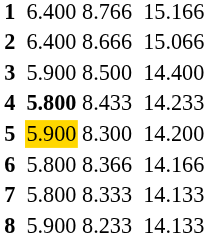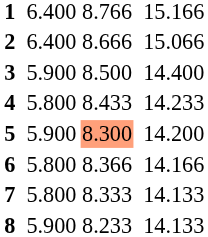 <table>
 <tr>
 <th scope=row style="text-align:center">1</th>
 <td align=left></td>
 <td>6.400</td>
 <td>8.766</td>
 <td></td>
 <td>15.166</td>
 </tr>
 <tr>
 <th scope=row style="text-align:center">2</th>
 <td align=left></td>
 <td>6.400</td>
 <td>8.666</td>
 <td></td>
 <td>15.066</td>
 </tr>
 <tr>
 <th scope=row style="text-align:center">3</th>
 <td align=left></td>
 <td>5.900</td>
 <td>8.500</td>
 <td></td>
 <td>14.400</td>
 </tr>
 <tr>
 <th scope=row style="text-align:center">4</th>
 <td align=left></td>
-<td><strong>5.800</strong></td>
+<td>5.800</td>
 <td>8.433</td>
 <td></td>
 <td>14.233</td>
 </tr>
 <tr>
 <th scope=row style="text-align:center">5</th>
 <td align=left></td>
-<td style="background: gold;">5.900</td>
-<td>8.300</td>
+<td>5.900</td>
+<td style="background: lightsalmon;">8.300</td>
 <td></td>
 <td>14.200</td>
 </tr>
 <tr>
 <th scope=row style="text-align:center">6</th>
 <td align=left></td>
 <td>5.800</td>
 <td>8.366</td>
 <td></td>
 <td>14.166</td>
 </tr>
 <tr>
 <th scope=row style="text-align:center">7</th>
 <td align=left></td>
 <td>5.800</td>
 <td>8.333</td>
 <td></td>
 <td>14.133</td>
 </tr>
 <tr>
 <th scope=row style="text-align:center">8</th>
 <td align=left></td>
 <td>5.900</td>
 <td>8.233</td>
 <td></td>
 <td>14.133</td>
 </tr>
 <tr>
 </tr>
 </table>
